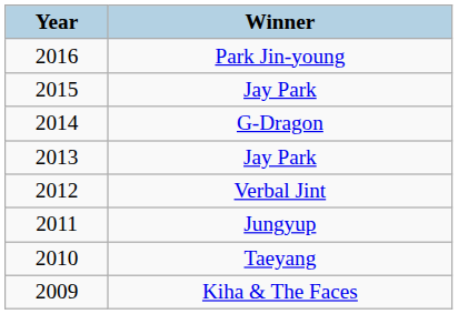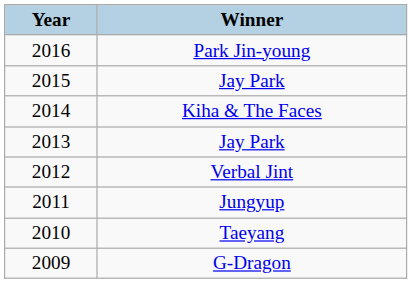 <table class="wikitable" style="text-align: center">
 <tr>
 <th width="70" style="background:#b3d1e3;">Year</th>
 <th width="250" style="background:#b3d1e3;">Winner</th>
 </tr>
 <tr>
 <td>2016</td>
 <td><a href='#'>Park Jin-young</a></td>
 </tr>
 <tr>
 <td>2015</td>
 <td><a href='#'>Jay Park</a></td>
 </tr>
 <tr>
 <td>2014</td>
-<td><a href='#'>G-Dragon</a></td>
+<td><a href='#'>Kiha & The Faces</a></td>
 </tr>
 <tr>
 <td>2013</td>
 <td><a href='#'>Jay Park</a></td>
 </tr>
 <tr>
 <td>2012</td>
 <td><a href='#'>Verbal Jint</a></td>
 </tr>
 <tr>
 <td>2011</td>
 <td><a href='#'>Jungyup</a></td>
 </tr>
 <tr>
 <td>2010</td>
 <td><a href='#'>Taeyang</a></td>
 </tr>
 <tr>
 <td>2009</td>
-<td><a href='#'>Kiha & The Faces</a></td>
+<td><a href='#'>G-Dragon</a></td>
 </tr>
 </table>
